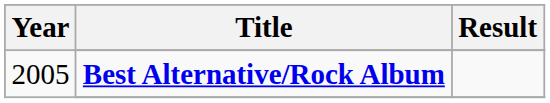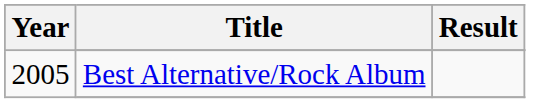 <table class="wikitable">
 <tr>
 <th>Year</th>
 <th>Title</th>
 <th>Result</th>
 </tr>
 <tr>
 <td rowspan="4">2005</td>
 </tr>
 <tr>
-<td><strong><a href='#'>Best Alternative/Rock Album</a></strong></td>
+<td><a href='#'>Best Alternative/Rock Album</a></td>
 <td></td>
 </tr>
 <tr>
 </tr>
 </table>
